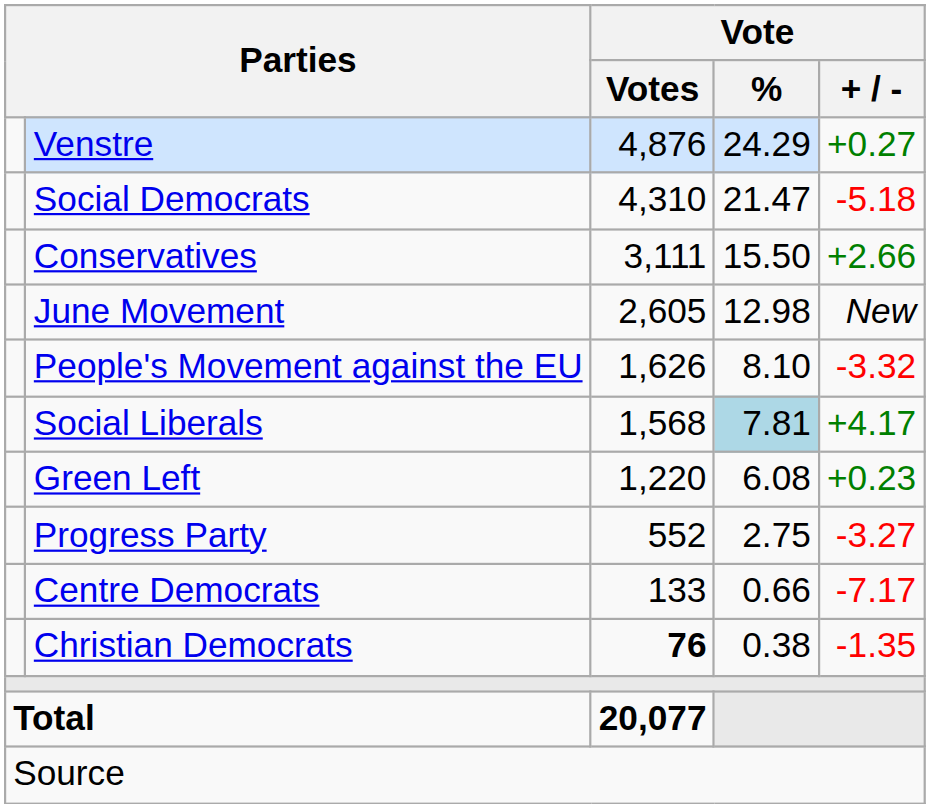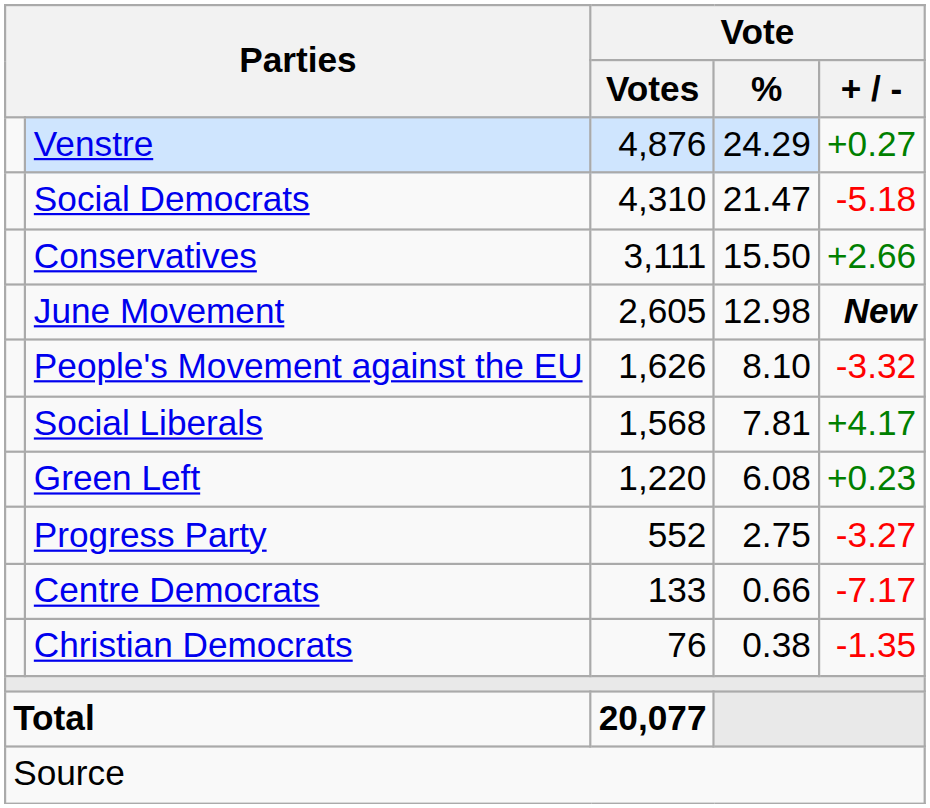 <table class="wikitable" style="text-align:right;">
 <tr>
 <th style="text-align:centre;" rowspan="2" colspan="2" width="225">Parties</th>
 <th colspan="3">Vote</th>
 </tr>
 <tr>
 <th width="15">Votes</th>
 <th width="15">%</th>
 <th width="15">+ / -</th>
 </tr>
 <tr>
 <td width="2" style="color:inherit;background:"></td>
 <td bgcolor=#cfe5fe   align="left"><a href='#'>Venstre</a></td>
 <td bgcolor=#cfe5fe>4,876</td>
 <td bgcolor=#cfe5fe>24.29</td>
 <td style=color:green;>+0.27</td>
 </tr>
 <tr>
 <td width="2" style="color:inherit;background:"></td>
 <td align="left"><a href='#'>Social Democrats</a></td>
 <td>4,310</td>
 <td>21.47</td>
 <td style=color:red;>-5.18</td>
 </tr>
 <tr>
 <td width="2" style="color:inherit;background:"></td>
 <td align="left"><a href='#'>Conservatives</a></td>
 <td>3,111</td>
 <td>15.50</td>
 <td style=color:green;>+2.66</td>
 </tr>
 <tr>
 <td width="2" style="color:inherit;background:"></td>
 <td align="left"><a href='#'>June Movement</a></td>
 <td>2,605</td>
 <td>12.98</td>
-<td><em>New</em></td>
+<td><strong><em>New</em></strong></td>
 </tr>
 <tr>
 <td width="2" style="color:inherit;background:"></td>
 <td align="left"><a href='#'>People's Movement against the EU</a></td>
 <td>1,626</td>
 <td>8.10</td>
 <td style=color:red;>-3.32</td>
 </tr>
 <tr>
 <td width="2" style="color:inherit;background:"></td>
 <td align="left"><a href='#'>Social Liberals</a></td>
 <td>1,568</td>
-<td style="background: lightblue;">7.81</td>
+<td>7.81</td>
 <td style=color:green;>+4.17</td>
 </tr>
 <tr>
 <td width="2" style="color:inherit;background:"></td>
 <td align="left"><a href='#'>Green Left</a></td>
 <td>1,220</td>
 <td>6.08</td>
 <td style=color:green;>+0.23</td>
 </tr>
 <tr>
 <td width="2" style="color:inherit;background:"></td>
 <td align="left"><a href='#'>Progress Party</a></td>
 <td>552</td>
 <td>2.75</td>
 <td style=color:red;>-3.27</td>
 </tr>
 <tr>
 <td width="2" style="color:inherit;background:"></td>
 <td align="left"><a href='#'>Centre Democrats</a></td>
 <td>133</td>
 <td>0.66</td>
 <td style=color:red;>-7.17</td>
 </tr>
 <tr>
 <td width="2" style="color:inherit;background:"></td>
 <td align="left"><a href='#'>Christian Democrats</a></td>
-<td><strong>76</strong></td>
+<td>76</td>
 <td>0.38</td>
 <td style=color:red;>-1.35</td>
 </tr>
 <tr>
 <td colspan="7" bgcolor="#E9E9E9"></td>
 </tr>
 <tr>
 <td align="left" colspan="2"><strong>Total</strong></td>
 <td><strong>20,077</strong></td>
 <td bgcolor="#E9E9E9" colspan="2"></td>
 </tr>
 <tr>
 <td align="left" colspan="6">Source</td>
 </tr>
 </table>
